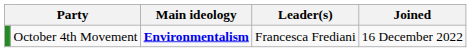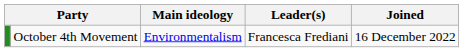 <table class=wikitable style=text-align:left>
 <tr>
 <th colspan=2>Party</th>
 <th>Main ideology</th>
 <th>Leader(s)</th>
 <th>Joined</th>
 </tr>
 <tr>
 <td bgcolor="#228B22"></td>
 <td>October 4th Movement</td>
-<td><strong><a href='#'>Environmentalism</a></strong></td>
+<td><a href='#'>Environmentalism</a></td>
 <td>Francesca Frediani</td>
 <td>16 December 2022</td>
 </tr>
 </table>
